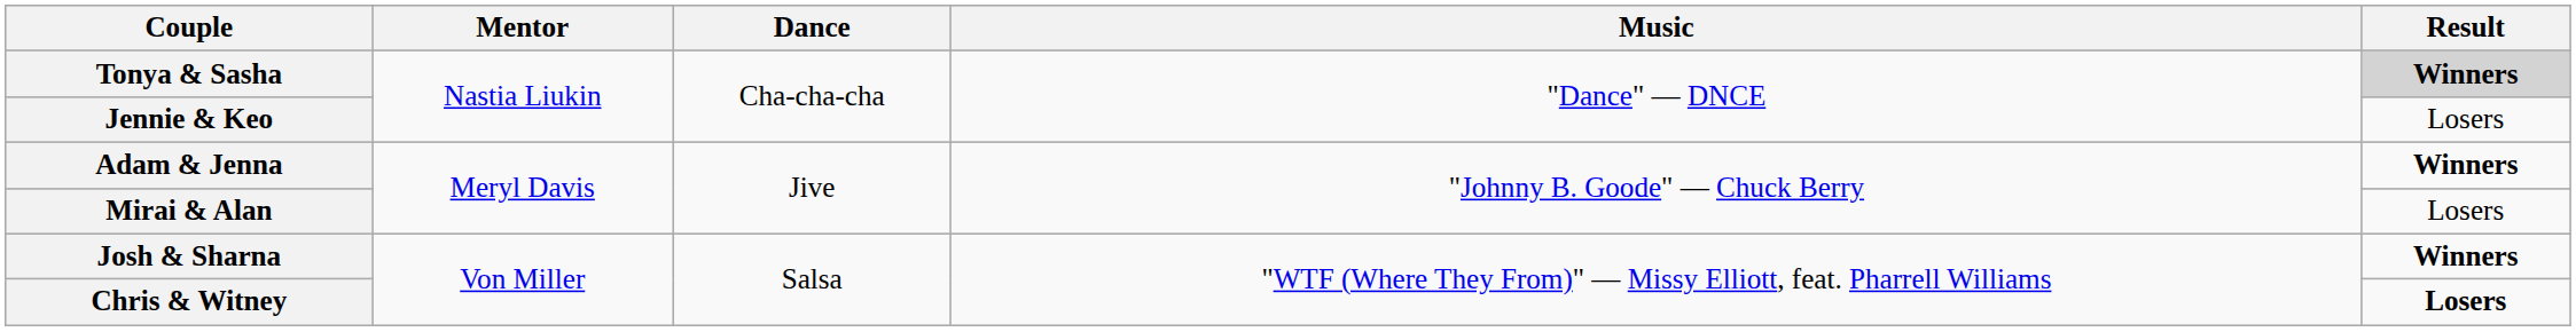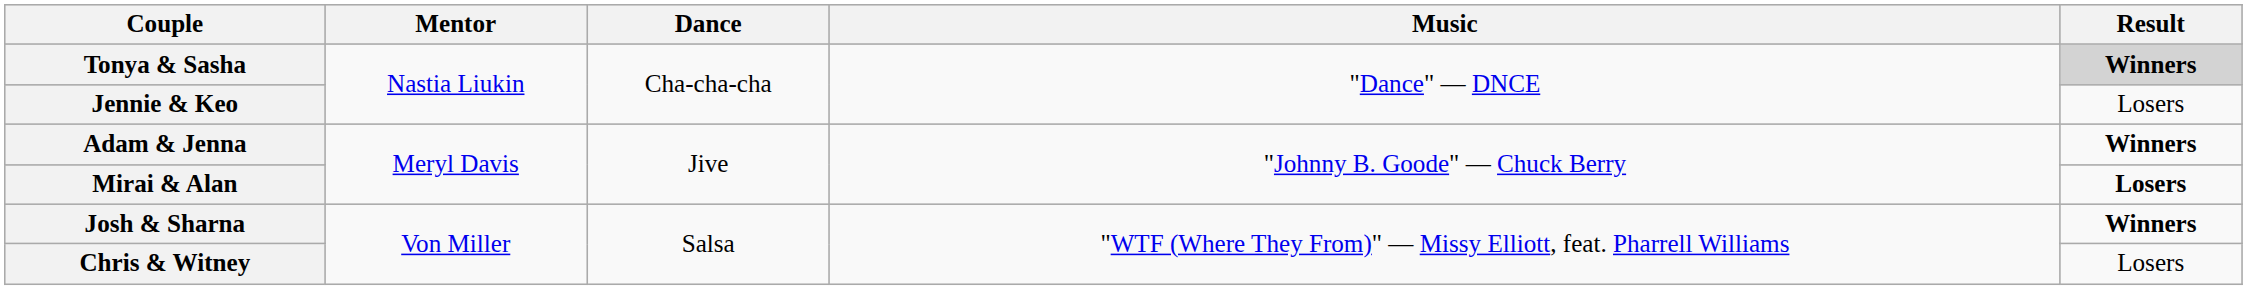 <table class="wikitable unsortable" style="text-align:center; width: 90%">
 <tr>
 <th scope="col">Couple</th>
 <th scope="col">Mentor</th>
 <th scope="col">Dance</th>
 <th scope="col">Music</th>
 <th scope="col">Result</th>
 </tr>
 <tr>
 <th scope="row" style="text-align:center;font-weight:normal"><strong>Tonya & Sasha</strong></th>
 <td rowspan="2"><a href='#'>Nastia Liukin</a></td>
 <td rowspan=2>Cha-cha-cha</td>
 <td rowspan=2>"<a href='#'>Dance</a>" — <a href='#'>DNCE</a></td>
 <td style="background: lightgrey;"><strong>Winners</strong></td>
 </tr>
 <tr>
 <th scope="row" style="text-align:center;font-weight:normal"><strong>Jennie & Keo</strong></th>
 <td>Losers</td>
 </tr>
 <tr>
 <th scope="row" style="text-align:center;font-weight:normal"><strong>Adam & Jenna</strong></th>
 <td rowspan="2"><a href='#'>Meryl Davis</a></td>
 <td rowspan=2>Jive</td>
 <td rowspan=2>"<a href='#'>Johnny B. Goode</a>" — <a href='#'>Chuck Berry</a></td>
 <td><strong>Winners</strong></td>
 </tr>
 <tr>
 <th scope="row" style="text-align:center;font-weight:normal"><strong>Mirai & Alan</strong></th>
-<td>Losers</td>
+<td><strong>Losers</strong></td>
 </tr>
 <tr>
 <th scope="row" style="text-align:center;font-weight:normal"><strong>Josh & Sharna</strong></th>
 <td rowspan="2"><a href='#'>Von Miller</a></td>
 <td rowspan=2>Salsa</td>
 <td rowspan=2>"<a href='#'>WTF (Where They From)</a>" — <a href='#'>Missy Elliott</a>, feat. <a href='#'>Pharrell Williams</a></td>
 <td><strong>Winners</strong></td>
 </tr>
 <tr>
 <th scope="row" style="text-align:center;font-weight:normal"><strong>Chris & Witney</strong></th>
-<td><strong>Losers</strong></td>
+<td>Losers</td>
 </tr>
 </table>
